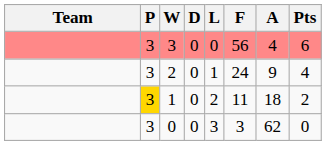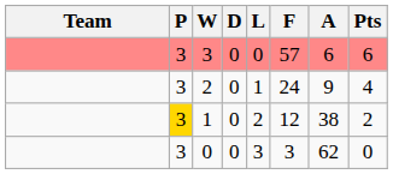 <table class="wikitable" style="text-align:center;">
 <tr>
 <th width="120px">Team</th>
 <th>P</th>
 <th>W</th>
 <th>D</th>
 <th>L</th>
 <th width="23px">F</th>
 <th width="23px">A</th>
 <th width="23px">Pts</th>
 </tr>
 <tr bgcolor="#FF8888">
 <td></td>
 <td>3</td>
 <td>3</td>
 <td>0</td>
 <td>0</td>
-<td>56</td>
-<td>4</td>
+<td>57</td>
+<td>6</td>
 <td>6</td>
 </tr>
 <tr>
 <td></td>
 <td>3</td>
 <td>2</td>
 <td>0</td>
 <td>1</td>
 <td>24</td>
 <td>9</td>
 <td>4</td>
 </tr>
 <tr>
 <td></td>
 <td style="background: gold;">3</td>
 <td>1</td>
 <td>0</td>
 <td>2</td>
-<td>11</td>
-<td>18</td>
+<td>12</td>
+<td>38</td>
 <td>2</td>
 </tr>
 <tr>
 <td></td>
 <td>3</td>
 <td>0</td>
 <td>0</td>
 <td>3</td>
 <td>3</td>
 <td>62</td>
 <td>0</td>
 </tr>
 </table>
